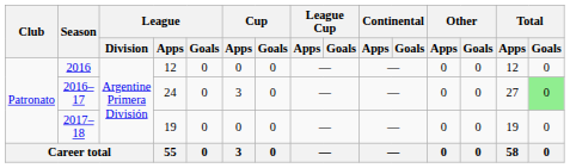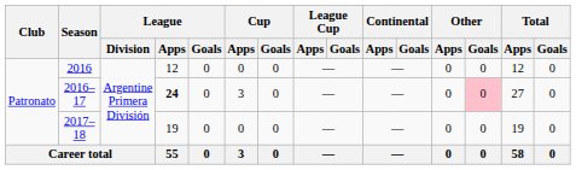 <table class="wikitable" style="text-align:center">
 <tr>
 <th rowspan="2">Club</th>
 <th rowspan="2">Season</th>
 <th colspan="3">League</th>
 <th colspan="2">Cup</th>
 <th colspan="2">League Cup</th>
 <th colspan="2">Continental</th>
 <th colspan="2">Other</th>
 <th colspan="2">Total</th>
 </tr>
 <tr>
 <th>Division</th>
 <th>Apps</th>
 <th>Goals</th>
 <th>Apps</th>
 <th>Goals</th>
 <th>Apps</th>
 <th>Goals</th>
 <th>Apps</th>
 <th>Goals</th>
 <th>Apps</th>
 <th>Goals</th>
 <th>Apps</th>
 <th>Goals</th>
 </tr>
 <tr>
 <td rowspan="3"><a href='#'>Patronato</a></td>
 <td><a href='#'>2016</a></td>
 <td rowspan="3"><a href='#'>Argentine Primera División</a></td>
 <td>12</td>
 <td>0</td>
 <td>0</td>
 <td>0</td>
 <td colspan="2">—</td>
 <td colspan="2">—</td>
 <td>0</td>
 <td>0</td>
 <td>12</td>
 <td>0</td>
 </tr>
 <tr>
 <td><a href='#'>2016–17</a></td>
-<td>24</td>
+<td><strong>24</strong></td>
 <td>0</td>
 <td>3</td>
 <td>0</td>
 <td colspan="2">—</td>
 <td colspan="2">—</td>
 <td>0</td>
+<td style="background: pink;">0</td>
+<td>27</td>
 <td>0</td>
-<td>27</td>
-<td style="background: lightgreen;">0</td>
 </tr>
 <tr>
 <td><a href='#'>2017–18</a></td>
 <td>19</td>
 <td>0</td>
 <td>0</td>
 <td>0</td>
 <td colspan="2">—</td>
 <td colspan="2">—</td>
 <td>0</td>
 <td>0</td>
 <td>19</td>
 <td>0</td>
 </tr>
 <tr>
 <th colspan="3">Career total</th>
 <th>55</th>
 <th>0</th>
 <th>3</th>
 <th>0</th>
 <th colspan="2">—</th>
 <th colspan="2">—</th>
 <th>0</th>
 <th>0</th>
 <th>58</th>
 <th>0</th>
 </tr>
 </table>
